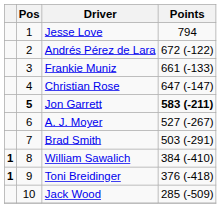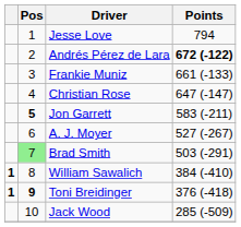 <table class="wikitable" style="font-size: 95%;">
 <tr>
 <th></th>
 <th>Pos</th>
 <th>Driver</th>
 <th>Points</th>
 </tr>
 <tr>
 <td align="left"></td>
 <td style="text-align:center;">1</td>
 <td><a href='#'>Jesse Love</a></td>
 <td style="text-align:center;">794</td>
 </tr>
 <tr>
 <td align="left"></td>
 <td style="text-align:center;">2</td>
 <td><a href='#'>Andrés Pérez de Lara</a></td>
-<td style="text-align:center;">672 (-122)</td>
+<td style="text-align:center;"><strong>672 (-122)</strong></td>
 </tr>
 <tr>
 <td align="left"></td>
 <td style="text-align:center;">3</td>
 <td><a href='#'>Frankie Muniz</a></td>
 <td style="text-align:center;">661 (-133)</td>
 </tr>
 <tr>
 <td align="left"></td>
 <td style="text-align:center;">4</td>
 <td><a href='#'>Christian Rose</a></td>
 <td style="text-align:center;">647 (-147)</td>
 </tr>
 <tr>
 <td align="left"></td>
 <td style="text-align:center;"><strong>5</strong></td>
 <td><a href='#'>Jon Garrett</a></td>
-<td style="text-align:center;"><strong>583 (-211)</strong></td>
+<td style="text-align:center;">583 (-211)</td>
 </tr>
 <tr>
 <td align="left"></td>
 <td style="text-align:center;">6</td>
 <td><a href='#'>A. J. Moyer</a></td>
 <td style="text-align:center;">527 (-267)</td>
 </tr>
 <tr>
 <td align="left"></td>
-<td style="text-align:center;">7</td>
+<td style="background: lightgreen; text-align:center;">7</td>
 <td><a href='#'>Brad Smith</a></td>
 <td style="text-align:center;">503 (-291)</td>
 </tr>
 <tr>
 <td align="left"> <strong>1</strong></td>
 <td style="text-align:center;">8</td>
 <td><a href='#'>William Sawalich</a></td>
 <td style="text-align:center;">384 (-410)</td>
 </tr>
 <tr>
 <td align="left"> <strong>1</strong></td>
-<td style="text-align:center;">9</td>
+<td style="text-align:center;"><strong>9</strong></td>
 <td><a href='#'>Toni Breidinger</a></td>
 <td style="text-align:center;">376 (-418)</td>
 </tr>
 <tr>
 <td align="left"></td>
 <td style="text-align:center;">10</td>
 <td><a href='#'>Jack Wood</a></td>
 <td style="text-align:center;">285 (-509)</td>
 </tr>
 <tr class="sortbottom">
 </tr>
 </table>
